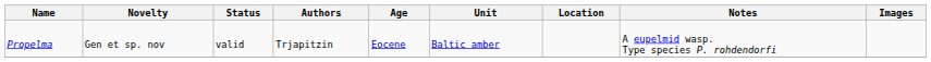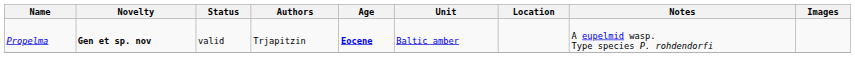 <table class="wikitable sortable" align="center" width="100%">
 <tr>
 <th>Name</th>
 <th>Novelty</th>
 <th>Status</th>
 <th>Authors</th>
 <th>Age</th>
 <th>Unit</th>
 <th>Location</th>
 <th>Notes</th>
 <th>Images</th>
 </tr>
 <tr>
 <td><br><em><a href='#'>Propelma</a></em></td>
-<td><br>Gen et sp. nov</td>
+<td><strong><br>Gen et sp. nov</strong></td>
 <td><br>valid</td>
 <td><br>Trjapitzin</td>
-<td><br><a href='#'>Eocene</a></td>
+<td><strong><br><a href='#'>Eocene</a></strong></td>
 <td><br><a href='#'>Baltic amber</a></td>
 <td><br></td>
 <td><br>A <a href='#'>eupelmid</a> wasp.<br> Type species <em>P. rohdendorfi</em></td>
 <td></td>
 </tr>
 <tr>
 </tr>
 </table>
